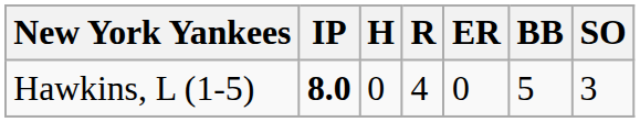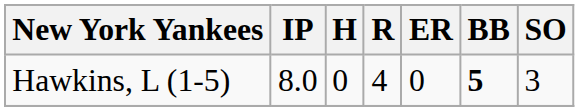 <table class="wikitable sortable">
 <tr>
 <th><strong>New York Yankees</strong></th>
 <th>IP</th>
 <th>H</th>
 <th>R</th>
 <th>ER</th>
 <th>BB</th>
 <th>SO</th>
 </tr>
 <tr>
 <td>Hawkins, L (1-5)</td>
-<td><strong>8.0</strong></td>
+<td>8.0</td>
 <td>0</td>
 <td>4</td>
 <td>0</td>
-<td>5</td>
+<td><strong>5</strong></td>
 <td>3</td>
 </tr>
 <tr>
 </tr>
 </table>
